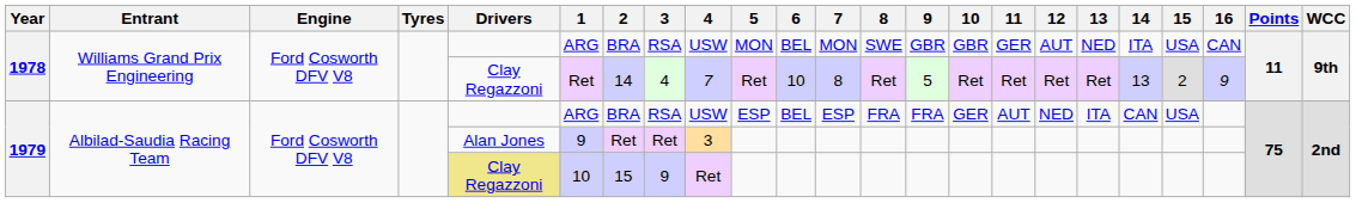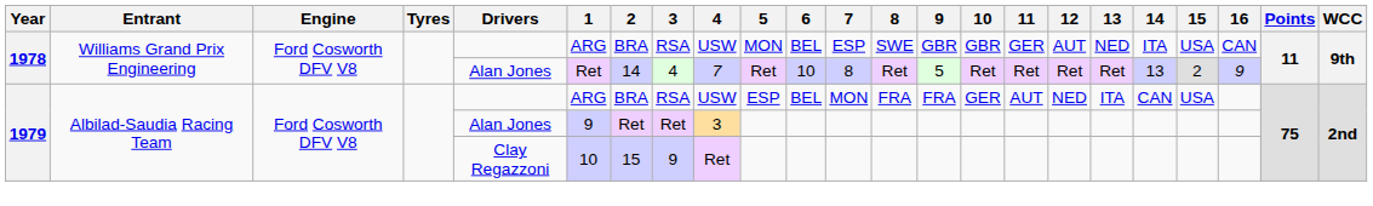 <table class="wikitable" style="text-align:center; font-size:95%">
 <tr>
 <th>Year</th>
 <th>Entrant</th>
 <th>Engine</th>
 <th>Tyres</th>
 <th>Drivers</th>
 <th>1</th>
 <th>2</th>
 <th>3</th>
 <th>4</th>
 <th>5</th>
 <th>6</th>
 <th>7</th>
 <th>8</th>
 <th>9</th>
 <th>10</th>
 <th>11</th>
 <th>12</th>
 <th>13</th>
 <th>14</th>
 <th>15</th>
 <th>16</th>
 <th><a href='#'>Points</a></th>
 <th>WCC</th>
 </tr>
 <tr>
 <th rowspan="2"><a href='#'>1978</a></th>
 <td rowspan="2"><a href='#'>Williams Grand Prix Engineering</a></td>
 <td rowspan="2"><a href='#'>Ford</a> <a href='#'>Cosworth DFV</a> <a href='#'>V8</a></td>
 <td rowspan="2"></td>
 <td></td>
 <td><a href='#'>ARG</a></td>
 <td><a href='#'>BRA</a></td>
 <td><a href='#'>RSA</a></td>
 <td><a href='#'>USW</a></td>
 <td><a href='#'>MON</a></td>
 <td><a href='#'>BEL</a></td>
-<td><a href='#'>MON</a></td>
+<td><a href='#'>ESP</a></td>
 <td><a href='#'>SWE</a></td>
 <td><a href='#'>GBR</a></td>
 <td><a href='#'>GBR</a></td>
 <td><a href='#'>GER</a></td>
 <td><a href='#'>AUT</a></td>
 <td><a href='#'>NED</a></td>
 <td><a href='#'>ITA</a></td>
 <td><a href='#'>USA</a></td>
 <td><a href='#'>CAN</a></td>
 <th rowspan="2">11</th>
 <th rowspan="2">9th</th>
 </tr>
 <tr>
-<td><a href='#'>Clay Regazzoni</a></td>
+<td><a href='#'>Alan Jones</a></td>
 <td style="background:#EFCFFF;">Ret</td>
 <td style="background:#CFCFFF;">14</td>
 <td style="background:#DFFFDF;">4</td>
 <td style="background:#CFCFFF;"><em>7</em></td>
 <td style="background:#EFCFFF;">Ret</td>
 <td style="background:#CFCFFF;">10</td>
 <td style="background:#CFCFFF;">8</td>
 <td style="background:#EFCFFF;">Ret</td>
 <td style="background:#DFFFDF;">5</td>
 <td style="background:#EFCFFF;">Ret</td>
 <td style="background:#EFCFFF;">Ret</td>
 <td style="background:#EFCFFF;">Ret</td>
 <td style="background:#EFCFFF;">Ret</td>
 <td style="background:#CFCFFF;">13</td>
 <td style="background:#DFDFDF;">2</td>
 <td style="background:#CFCFFF;"><em>9</em></td>
 </tr>
 <tr>
 <th rowspan="3"><a href='#'>1979</a></th>
 <td rowspan="3"><a href='#'>Albilad-Saudia</a> <a href='#'>Racing Team</a></td>
 <td rowspan="3"><a href='#'>Ford</a> <a href='#'>Cosworth DFV</a> <a href='#'>V8</a></td>
 <td rowspan="3"></td>
 <td></td>
 <td><a href='#'>ARG</a></td>
 <td><a href='#'>BRA</a></td>
 <td><a href='#'>RSA</a></td>
 <td><a href='#'>USW</a></td>
 <td><a href='#'>ESP</a></td>
 <td><a href='#'>BEL</a></td>
-<td><a href='#'>ESP</a></td>
+<td><a href='#'>MON</a></td>
 <td><a href='#'>FRA</a></td>
 <td><a href='#'>FRA</a></td>
 <td><a href='#'>GER</a></td>
 <td><a href='#'>AUT</a></td>
 <td><a href='#'>NED</a></td>
 <td><a href='#'>ITA</a></td>
 <td><a href='#'>CAN</a></td>
 <td><a href='#'>USA</a></td>
 <td></td>
 <td rowspan="3" style="background:#DFDFDF;"><strong>75</strong></td>
 <td rowspan="3" style="background:#DFDFDF;"><strong>2nd</strong></td>
 </tr>
 <tr>
 <td><a href='#'>Alan Jones</a></td>
 <td style="background:#CFCFFF;">9</td>
 <td style="background:#EFCFFF;">Ret</td>
 <td style="background:#EFCFFF;">Ret</td>
 <td style="background:#FFDF9F;">3</td>
 <td></td>
 <td></td>
 <td></td>
 <td></td>
 <td></td>
 <td></td>
 <td></td>
 <td></td>
 <td></td>
 <td></td>
 <td></td>
 <td></td>
 </tr>
 <tr>
-<td style="background: khaki;"><a href='#'>Clay Regazzoni</a></td>
+<td><a href='#'>Clay Regazzoni</a></td>
 <td style="background:#CFCFFF;">10</td>
 <td style="background:#CFCFFF;">15</td>
 <td style="background:#CFCFFF;">9</td>
 <td style="background:#EFCFFF;">Ret</td>
 <td></td>
 <td></td>
 <td></td>
 <td></td>
 <td></td>
 <td></td>
 <td></td>
 <td></td>
 <td></td>
 <td></td>
 <td></td>
 <td></td>
 </tr>
 </table>
